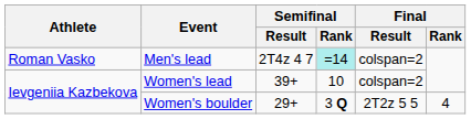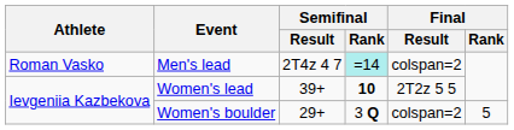 <table class="wikitable" style="text-align:center; font-size:90%">
 <tr>
 <th rowspan="2">Athlete</th>
 <th rowspan="2">Event</th>
 <th colspan="2">Semifinal</th>
 <th colspan="2">Final</th>
 </tr>
 <tr style="font-size: 95%">
 <th>Result</th>
 <th>Rank</th>
 <th>Result</th>
 <th>Rank</th>
 </tr>
 <tr>
 <td align=left><a href='#'>Roman Vasko</a></td>
 <td align=left><a href='#'>Men's lead</a></td>
 <td>2T4z 4 7</td>
 <td style="background: paleturquoise;">=14</td>
 <td>colspan=2 </td>
 </tr>
 <tr>
 <td align=left rowspan=2><a href='#'>Ievgeniia Kazbekova</a></td>
 <td align=left><a href='#'>Women's lead</a></td>
 <td>39+</td>
-<td>10</td>
-<td>colspan=2 </td>
+<td><strong>10</strong></td>
+<td>2T2z 5 5</td>
 </tr>
 <tr>
 <td align=left><a href='#'>Women's boulder</a></td>
 <td>29+</td>
 <td>3 <strong>Q</strong></td>
-<td>2T2z 5 5</td>
-<td>4</td>
+<td>colspan=2 </td>
+<td>5</td>
 </tr>
 </table>
